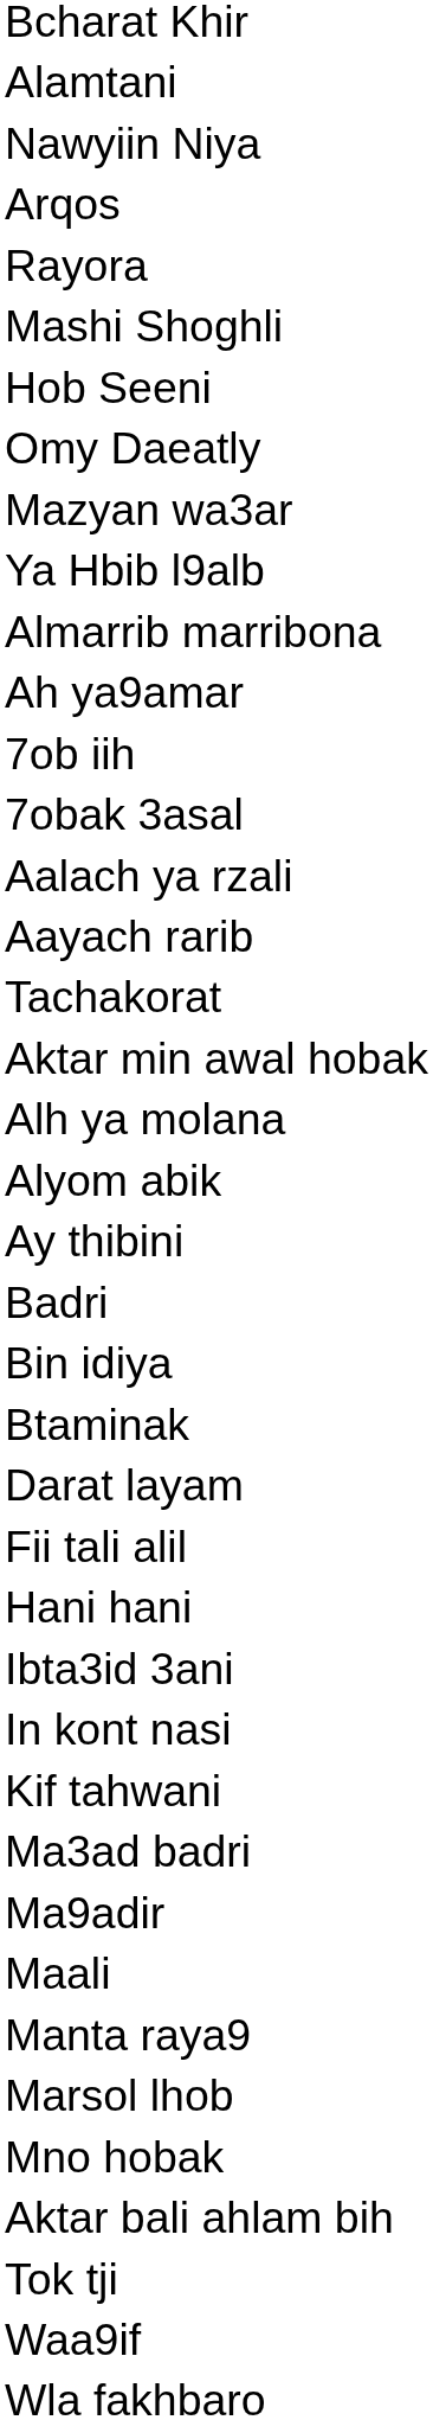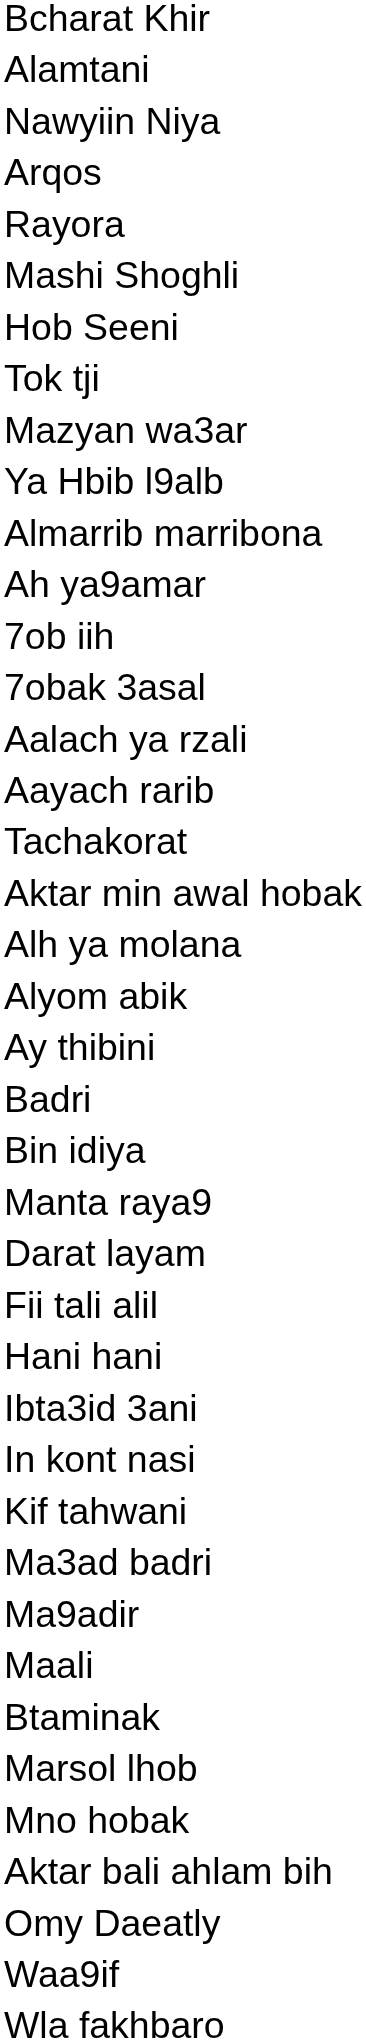 <table>
 <tr>
 <td>Bcharat Khir</td>
 </tr>
 <tr>
 <td>Alamtani</td>
 </tr>
 <tr>
 <td>Nawyiin Niya</td>
 </tr>
 <tr>
 <td>Arqos</td>
 </tr>
 <tr>
 <td>Rayora</td>
 </tr>
 <tr>
 <td>Mashi Shoghli</td>
 </tr>
 <tr>
 <td>Hob Seeni</td>
 </tr>
 <tr>
-<td>Omy Daeatly</td>
+<td>Tok tji</td>
 </tr>
 <tr>
 <td>Mazyan wa3ar</td>
 </tr>
 <tr>
 <td>Ya Hbib l9alb</td>
 </tr>
 <tr>
 <td>Almarrib marribona</td>
 </tr>
 <tr>
 <td>Ah ya9amar</td>
 </tr>
 <tr>
 <td>7ob iih</td>
 </tr>
 <tr>
 <td>7obak 3asal</td>
 </tr>
 <tr>
 <td>Aalach ya rzali</td>
 </tr>
 <tr>
 <td>Aayach rarib</td>
 </tr>
 <tr>
 <td>Tachakorat</td>
 </tr>
 <tr>
 <td>Aktar min awal hobak</td>
 </tr>
 <tr>
 <td>Alh ya molana</td>
 </tr>
 <tr>
 <td>Alyom abik</td>
 </tr>
 <tr>
 <td>Ay thibini</td>
 </tr>
 <tr>
 <td>Badri</td>
 </tr>
 <tr>
 <td>Bin idiya</td>
 </tr>
 <tr>
-<td>Btaminak</td>
+<td>Manta raya9</td>
 </tr>
 <tr>
 <td>Darat layam</td>
 </tr>
 <tr>
 <td>Fii tali alil</td>
 </tr>
 <tr>
 <td>Hani hani</td>
 </tr>
 <tr>
 <td>Ibta3id 3ani</td>
 </tr>
 <tr>
 <td>In kont nasi</td>
 </tr>
 <tr>
 <td>Kif tahwani</td>
 </tr>
 <tr>
 <td>Ma3ad badri</td>
 </tr>
 <tr>
 <td>Ma9adir</td>
 </tr>
 <tr>
 <td>Maali</td>
 </tr>
 <tr>
-<td>Manta raya9</td>
+<td>Btaminak</td>
 </tr>
 <tr>
 <td>Marsol lhob</td>
 </tr>
 <tr>
 <td>Mno hobak</td>
 </tr>
 <tr>
 <td>Aktar bali ahlam bih</td>
 </tr>
 <tr>
-<td>Tok tji</td>
+<td>Omy Daeatly</td>
 </tr>
 <tr>
 <td>Waa9if</td>
 </tr>
 <tr>
 <td>Wla fakhbaro</td>
 </tr>
 </table>
